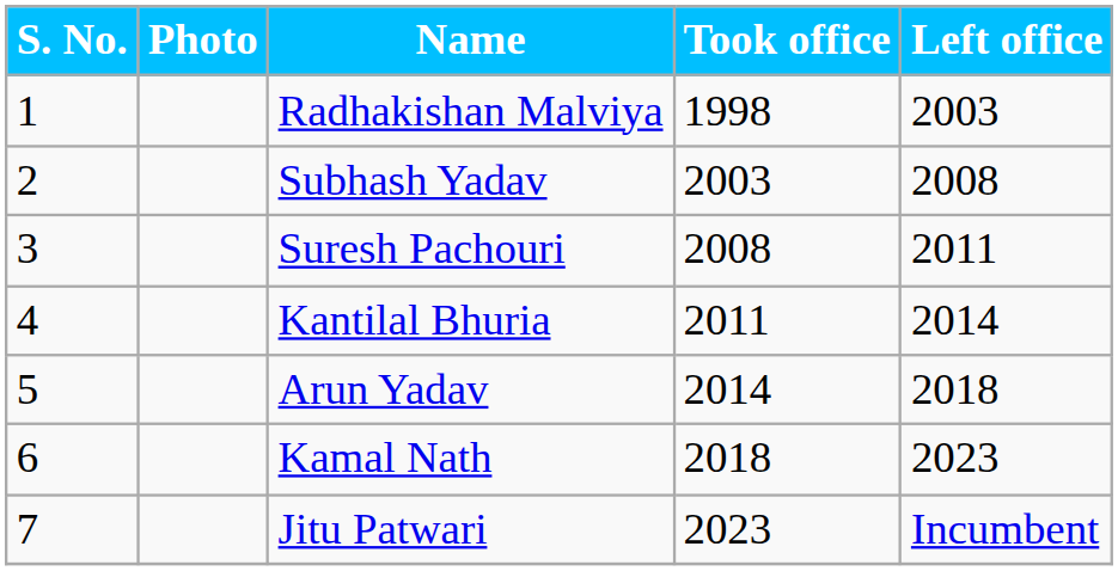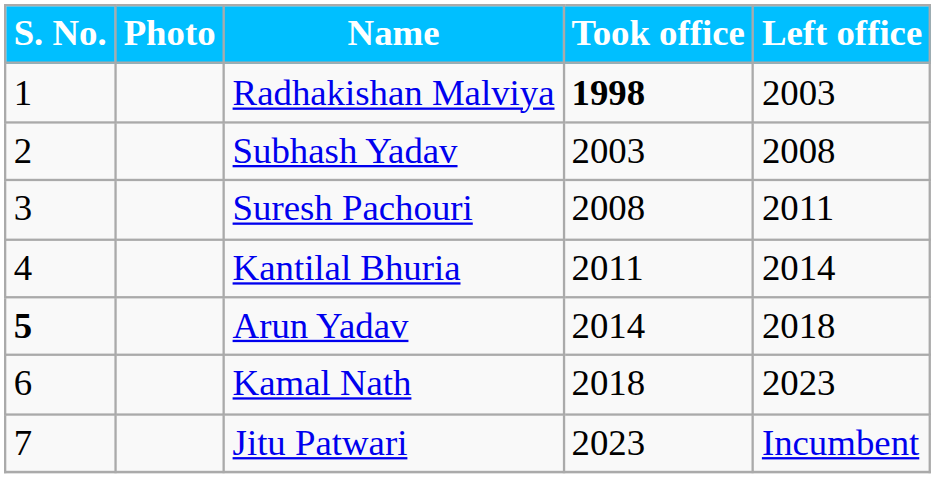 <table class="wikitable sortable">
 <tr>
 <th Style="background-color:#00BFFF; color:white">S. No.</th>
 <th Style="background-color:#00BFFF; color:white">Photo</th>
 <th Style="background-color:#00BFFF; color:white">Name</th>
 <th Style="background-color:#00BFFF; color:white">Took office</th>
 <th Style="background-color:#00BFFF; color:white">Left office</th>
 </tr>
 <tr>
 <td>1</td>
 <td></td>
 <td><a href='#'>Radhakishan Malviya</a></td>
-<td>1998</td>
+<td><strong>1998</strong></td>
 <td>2003</td>
 </tr>
 <tr>
 <td>2</td>
 <td></td>
 <td><a href='#'>Subhash Yadav</a></td>
 <td>2003</td>
 <td>2008</td>
 </tr>
 <tr>
 <td>3</td>
 <td></td>
 <td><a href='#'>Suresh Pachouri</a></td>
 <td>2008</td>
 <td>2011</td>
 </tr>
 <tr>
 <td>4</td>
 <td></td>
 <td><a href='#'>Kantilal Bhuria</a></td>
 <td>2011</td>
 <td>2014</td>
 </tr>
 <tr>
-<td>5</td>
+<td><strong>5</strong></td>
 <td></td>
 <td><a href='#'>Arun Yadav</a></td>
 <td>2014</td>
 <td>2018</td>
 </tr>
 <tr>
 <td>6</td>
 <td></td>
 <td><a href='#'>Kamal Nath</a></td>
 <td>2018</td>
 <td>2023</td>
 </tr>
 <tr>
 <td>7</td>
 <td></td>
 <td><a href='#'>Jitu Patwari</a></td>
 <td>2023</td>
 <td><a href='#'>Incumbent</a></td>
 </tr>
 <tr>
 </tr>
 </table>
